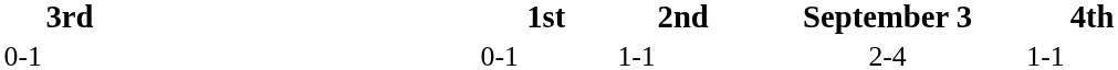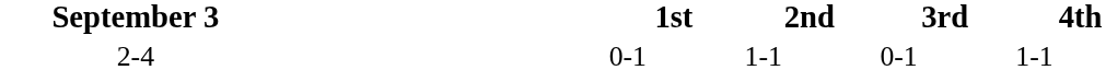 <table width=60% cellspacing=1>
 <tr>
 <th width=20%></th>
-<th width=8%>3rd</th>
+<th width=16%>September 3</th>
 <th width=20%></th>
 <th width=8%>1st</th>
 <th width=8%>2nd</th>
-<th width=16%>September 3</th>
+<th width=8%>3rd</th>
 <th width=8%>4th</th>
 </tr>
 <tr style=font-size:90%>
 <td align=right></td>
-<td>0-1</td>
+<td align=center>2-4</td>
 <td><strong></strong></td>
 <td>0-1</td>
 <td>1-1</td>
-<td align=center>2-4</td>
+<td>0-1</td>
 <td>1-1</td>
 </tr>
 </table>
